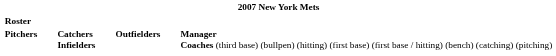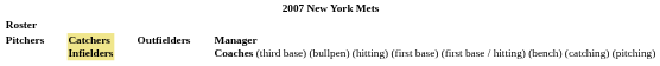 <table class="toccolours" style="font-size: 95%;">
 <tr>
 <th colspan="10">2007 New York Mets</th>
 </tr>
 <tr>
 <td colspan="10"><strong>Roster</strong></td>
 </tr>
 <tr>
 <td valign="top"><strong>Pitchers</strong><br>                        </td>
 <td width="25px"></td>
-<td valign="top"><strong>Catchers</strong><br>     <strong>Infielders</strong>          </td>
+<td valign="top" style="background: khaki;"><strong>Catchers</strong><br>     <strong>Infielders</strong>          </td>
 <td width="25px"></td>
 <td valign="top"><strong>Outfielders</strong><br>          </td>
 <td width="25px"></td>
 <td valign="top"><strong>Manager</strong><br> <strong>Coaches</strong>  (third base)  (bullpen)  (hitting)  (first base)  (first base / hitting)  (bench)  (catching)  (pitching)</td>
 </tr>
 </table>
